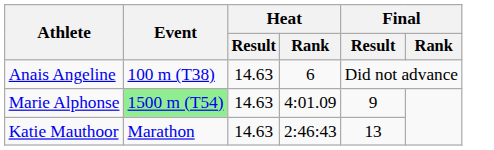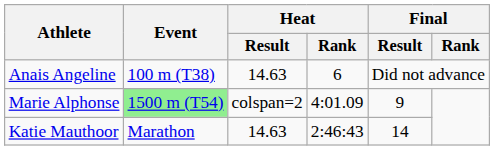 <table class="wikitable" style="font-size:90%; text-align:center">
 <tr>
 <th rowspan=2>Athlete</th>
 <th rowspan=2>Event</th>
 <th colspan=2>Heat</th>
 <th colspan=2>Final</th>
 </tr>
 <tr style="font-size:95%">
 <th>Result</th>
 <th>Rank</th>
 <th>Result</th>
 <th>Rank</th>
 </tr>
 <tr>
 <td align=left><a href='#'>Anais Angeline</a></td>
 <td align=left rowspan=1><a href='#'>100 m (T38)</a></td>
 <td>14.63</td>
 <td>6</td>
 <td colspan=2>Did not advance</td>
 </tr>
 <tr>
 <td align=left><a href='#'>Marie Alphonse</a></td>
 <td align=left rowspan=1 style="background: lightgreen;"><a href='#'>1500 m (T54)</a></td>
-<td>14.63</td>
+<td>colspan=2 </td>
 <td>4:01.09</td>
 <td>9</td>
 </tr>
 <tr>
 <td align=left><a href='#'>Katie Mauthoor</a></td>
 <td align=left rowspan=1><a href='#'>Marathon</a></td>
 <td>14.63</td>
 <td>2:46:43</td>
-<td>13</td>
+<td>14</td>
 </tr>
 </table>
